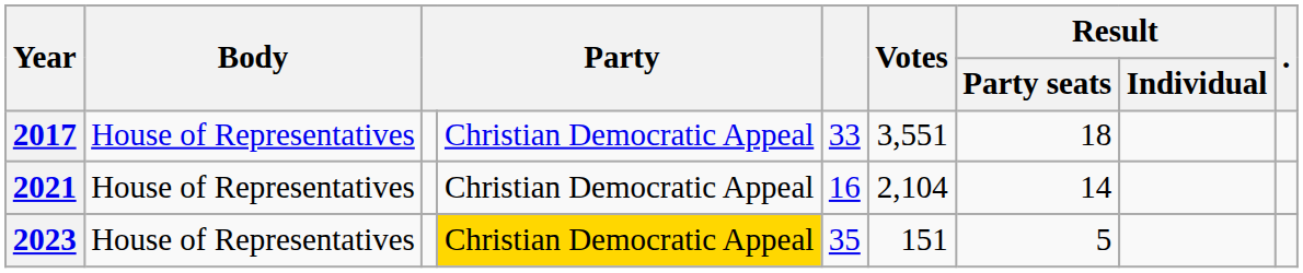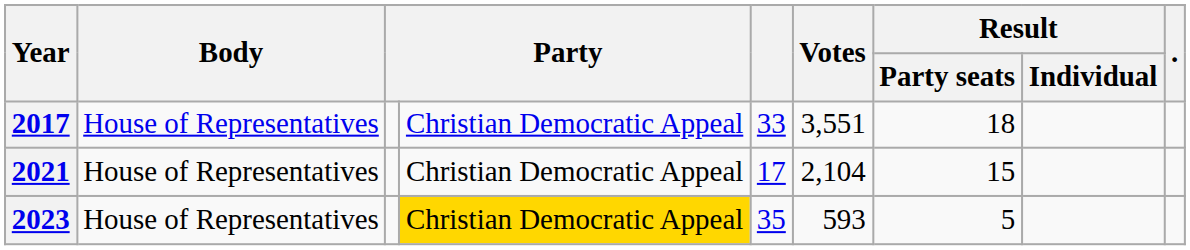 <table class="wikitable plainrowheaders sortable" border=2 cellpadding=4 cellspacing=0 style="border: 1px #aaa solid; font-size: 90%; text-align:center;">
 <tr>
 <th scope="col" rowspan=2>Year</th>
 <th scope="col" rowspan=2>Body</th>
 <th scope="col" colspan=2 rowspan=2>Party</th>
 <th scope="col" rowspan=2></th>
 <th scope="col" rowspan=2>Votes</th>
 <th scope="colgroup" colspan=2>Result</th>
 <th scope="col" rowspan=2 class="unsortable">.</th>
 </tr>
 <tr>
 <th scope="col">Party seats</th>
 <th scope="col">Individual</th>
 </tr>
 <tr>
 <th scope="row"><a href='#'>2017</a></th>
 <td><a href='#'>House of Representatives</a></td>
 <td style="background-color:"></td>
 <td><a href='#'>Christian Democratic Appeal</a></td>
 <td style=text-align:right><a href='#'>33</a></td>
 <td style=text-align:right>3,551</td>
 <td style=text-align:right>18</td>
 <td></td>
 <td></td>
 </tr>
 <tr>
 <th scope="row"><a href='#'>2021</a></th>
 <td>House of Representatives</td>
 <td style="background-color:"></td>
 <td>Christian Democratic Appeal</td>
-<td style=text-align:right><a href='#'>16</a></td>
+<td style=text-align:right><a href='#'>17</a></td>
 <td style=text-align:right>2,104</td>
-<td style=text-align:right>14</td>
+<td style=text-align:right>15</td>
 <td></td>
 <td></td>
 </tr>
 <tr>
 <th scope="row"><a href='#'>2023</a></th>
 <td>House of Representatives</td>
 <td style="background-color:"></td>
 <td style="background: gold;">Christian Democratic Appeal</td>
 <td style=text-align:right><a href='#'>35</a></td>
-<td style=text-align:right>151</td>
+<td style=text-align:right>593</td>
 <td style=text-align:right>5</td>
 <td></td>
 <td></td>
 </tr>
 </table>
